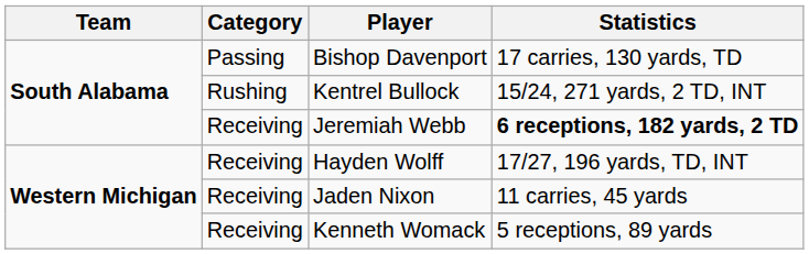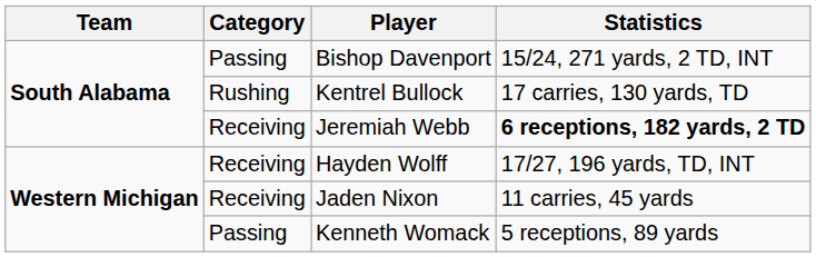 <table class="wikitable" style="float: right;">
 <tr>
 <th>Team</th>
 <th>Category</th>
 <th>Player</th>
 <th>Statistics</th>
 </tr>
 <tr>
 <td rowspan=3><strong>South Alabama</strong></td>
 <td>Passing</td>
 <td>Bishop Davenport</td>
-<td>17 carries, 130 yards, TD</td>
+<td>15/24, 271 yards, 2 TD, INT</td>
 </tr>
 <tr>
 <td>Rushing</td>
 <td>Kentrel Bullock</td>
-<td>15/24, 271 yards, 2 TD, INT</td>
+<td>17 carries, 130 yards, TD</td>
 </tr>
 <tr>
 <td>Receiving</td>
 <td>Jeremiah Webb</td>
 <td><strong>6 receptions, 182 yards, 2 TD</strong></td>
 </tr>
 <tr>
 <td rowspan=3><strong>Western Michigan</strong></td>
 <td>Receiving</td>
 <td>Hayden Wolff</td>
 <td>17/27, 196 yards, TD, INT</td>
 </tr>
 <tr>
 <td>Receiving</td>
 <td>Jaden Nixon</td>
 <td>11 carries, 45 yards</td>
 </tr>
 <tr>
-<td>Receiving</td>
+<td>Passing</td>
 <td>Kenneth Womack</td>
 <td>5 receptions, 89 yards</td>
 </tr>
 </table>
